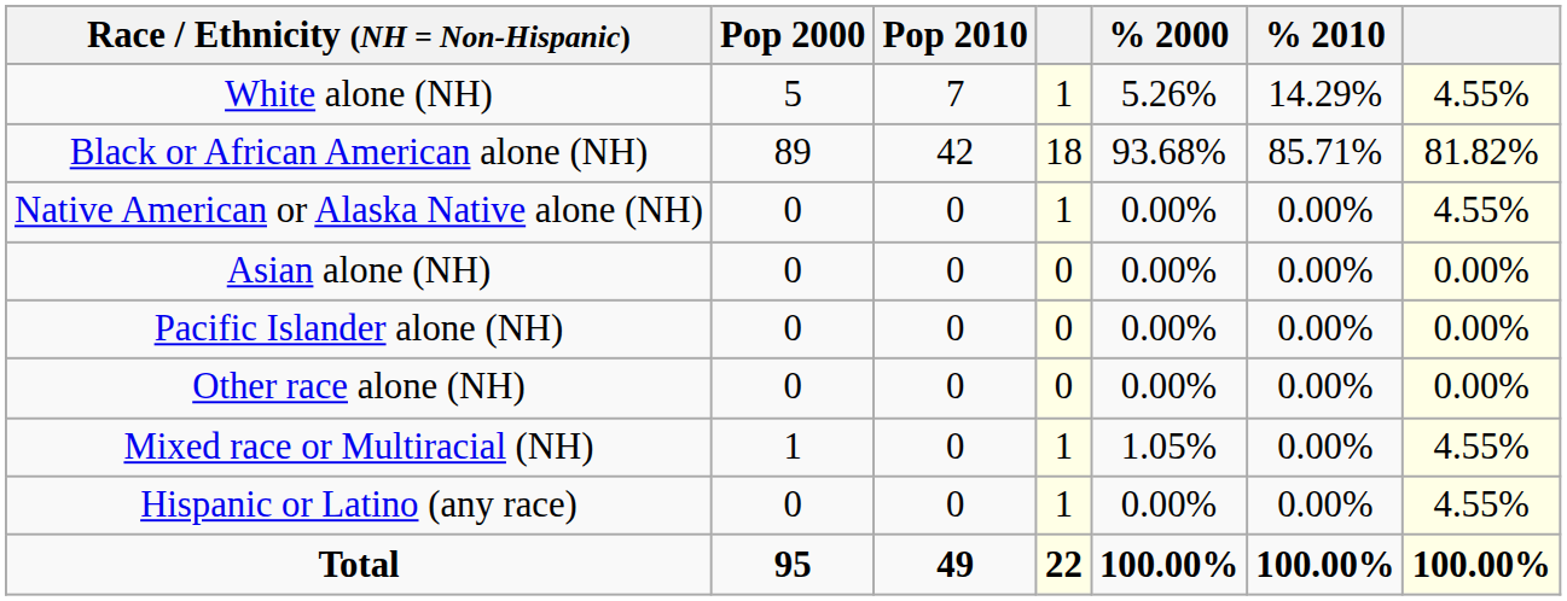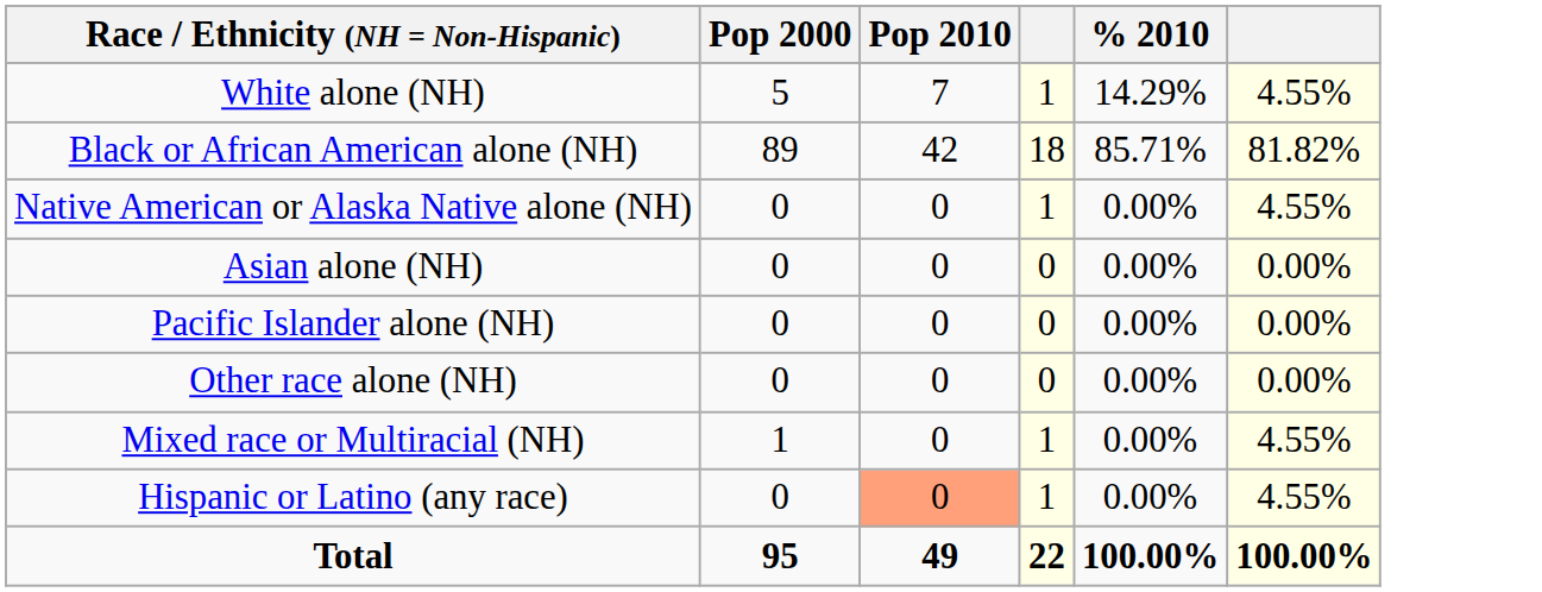 <table class="wikitable" style="text-align:center;">
 <tr>
 <th>Race / Ethnicity <small>(<em>NH = Non-Hispanic</em>)</small></th>
 <th>Pop 2000</th>
 <th>Pop 2010</th>
 <th></th>
-<th>% 2000</th>
 <th>% 2010</th>
 <th></th>
 </tr>
 <tr>
 <td><a href='#'>White</a> alone (NH)</td>
 <td>5</td>
 <td>7</td>
 <td style='background: #ffffe6;'>1</td>
-<td>5.26%</td>
 <td>14.29%</td>
 <td style='background: #ffffe6;'>4.55%</td>
 </tr>
 <tr>
 <td><a href='#'>Black or African American</a> alone (NH)</td>
 <td>89</td>
 <td>42</td>
 <td style='background: #ffffe6;'>18</td>
-<td>93.68%</td>
 <td>85.71%</td>
 <td style='background: #ffffe6;'>81.82%</td>
 </tr>
 <tr>
 <td><a href='#'>Native American</a> or <a href='#'>Alaska Native</a> alone (NH)</td>
 <td>0</td>
 <td>0</td>
 <td style='background: #ffffe6;'>1</td>
 <td>0.00%</td>
-<td>0.00%</td>
 <td style='background: #ffffe6;'>4.55%</td>
 </tr>
 <tr>
 <td><a href='#'>Asian</a> alone (NH)</td>
 <td>0</td>
 <td>0</td>
 <td style='background: #ffffe6;'>0</td>
-<td>0.00%</td>
 <td>0.00%</td>
 <td style='background: #ffffe6;'>0.00%</td>
 </tr>
 <tr>
 <td><a href='#'>Pacific Islander</a> alone (NH)</td>
 <td>0</td>
 <td>0</td>
 <td style='background: #ffffe6;'>0</td>
 <td>0.00%</td>
-<td>0.00%</td>
 <td style='background: #ffffe6;'>0.00%</td>
 </tr>
 <tr>
 <td><a href='#'>Other race</a> alone (NH)</td>
 <td>0</td>
 <td>0</td>
 <td style='background: #ffffe6;'>0</td>
 <td>0.00%</td>
-<td>0.00%</td>
 <td style='background: #ffffe6;'>0.00%</td>
 </tr>
 <tr>
 <td><a href='#'>Mixed race or Multiracial</a> (NH)</td>
 <td>1</td>
 <td>0</td>
 <td style='background: #ffffe6;'>1</td>
-<td>1.05%</td>
 <td>0.00%</td>
 <td style='background: #ffffe6;'>4.55%</td>
 </tr>
 <tr>
 <td><a href='#'>Hispanic or Latino</a> (any race)</td>
 <td>0</td>
-<td>0</td>
+<td style="background: lightsalmon;">0</td>
 <td style='background: #ffffe6;'>1</td>
-<td>0.00%</td>
 <td>0.00%</td>
 <td style='background: #ffffe6;'>4.55%</td>
 </tr>
 <tr>
 <td><strong>Total</strong></td>
 <td><strong>95</strong></td>
 <td><strong>49</strong></td>
 <td style='background: #ffffe6;'><strong>22</strong></td>
 <td><strong>100.00%</strong></td>
-<td><strong>100.00%</strong></td>
 <td style='background: #ffffe6;'><strong>100.00%</strong></td>
 </tr>
 </table>
